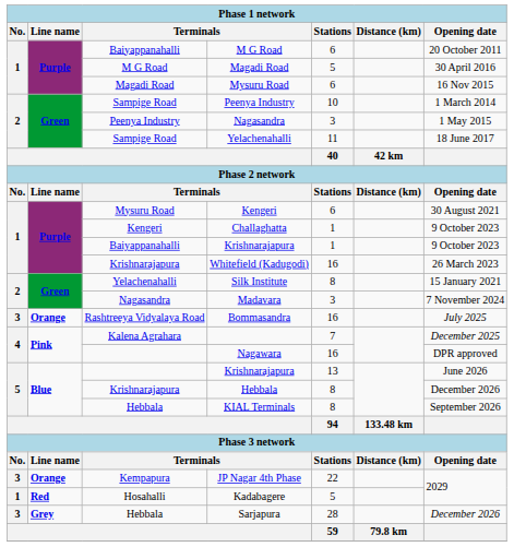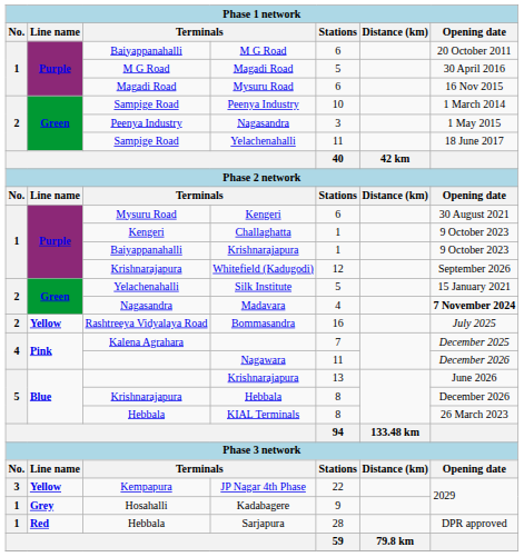 <table class="wikitable sortable" style="font-size:85%;margin:auto">
 <tr>
 <th colspan="7" style="background:#ADD8E6;">Phase 1 network</th>
 </tr>
 <tr>
 <th>No.</th>
 <th>Line name</th>
 <th colspan="2">Terminals</th>
 <th>Stations</th>
 <th>Distance (km)</th>
 <th>Opening date</th>
 </tr>
 <tr>
 <th rowspan="3">1</th>
 <td rowspan="3" style="background:#8c2877; text-align: center;"><a href='#'><span><strong>Purple</strong></span></a></td>
 <td style="text-align:center;"><a href='#'>Baiyappanahalli</a></td>
 <td style="text-align:center;"><a href='#'>M G Road</a></td>
 <td style="text-align: center;">6</td>
 <td style="text-align: center;"></td>
 <td style="text-align:center;">20 October 2011</td>
 </tr>
 <tr>
 <td style="text-align:center;"><a href='#'>M G Road</a></td>
 <td style="text-align:center;"><a href='#'>Magadi Road</a></td>
 <td style="text-align: center;">5</td>
 <td style="text-align: center;"></td>
 <td style="text-align:center;">30 April 2016</td>
 </tr>
 <tr>
 <td style="text-align:center;"><a href='#'>Magadi Road</a></td>
 <td style="text-align:center;"><a href='#'>Mysuru Road</a></td>
 <td style="text-align: center;">6</td>
 <td style="text-align: center;"></td>
 <td style="text-align:center;">16 Nov 2015</td>
 </tr>
 <tr>
 <th rowspan="3">2</th>
 <td rowspan="3" style="background:#009933; text-align: center;"><a href='#'><span><strong>Green</strong></span></a></td>
 <td style="text-align:center;"><a href='#'>Sampige Road</a></td>
 <td style="text-align:center;"><a href='#'>Peenya Industry</a></td>
 <td style="text-align: center;">10</td>
 <td style="text-align: center;"></td>
 <td style="text-align:center;">1 March 2014</td>
 </tr>
 <tr>
 <td style="text-align:center;"><a href='#'>Peenya Industry</a></td>
 <td style="text-align:center;"><a href='#'>Nagasandra</a></td>
 <td style="text-align: center;">3</td>
 <td style="text-align: center;"></td>
 <td style="text-align:center;">1 May 2015</td>
 </tr>
 <tr>
 <td style="text-align:center;"><a href='#'>Sampige Road</a></td>
 <td style="text-align:center;"><a href='#'>Yelachenahalli</a></td>
 <td style="text-align: center;">11</td>
 <td style="text-align: center;"></td>
 <td style="text-align:center;">18 June 2017</td>
 </tr>
 <tr>
 <th colspan="4"></th>
 <th>40</th>
 <th>42 km</th>
 <th></th>
 </tr>
 <tr>
 <th colspan="7" style="background:#ADD8E6;">Phase 2 network</th>
 </tr>
 <tr>
 <th>No.</th>
 <th>Line name</th>
 <th colspan="2">Terminals</th>
 <th>Stations</th>
 <th>Distance (km)</th>
 <th>Opening date</th>
 </tr>
 <tr>
 <th rowspan="4">1</th>
 <td rowspan="4" style="background:#8c2877; text-align: center;"><a href='#'><span><strong>Purple</strong></span></a></td>
 <td style="text-align:center;"><a href='#'>Mysuru Road</a></td>
 <td style="text-align:center;"><a href='#'>Kengeri</a></td>
 <td style="text-align: center;">6</td>
 <td style="text-align: center;"></td>
 <td style="text-align:center;">30 August 2021</td>
 </tr>
 <tr>
 <td style="text-align:center;"><a href='#'>Kengeri</a></td>
 <td style="text-align:center;"><a href='#'>Challaghatta</a></td>
 <td style="text-align: center;">1</td>
 <td style="text-align: center;"></td>
 <td style="text-align:center;">9 October 2023</td>
 </tr>
 <tr>
 <td style="text-align: center;"><a href='#'>Baiyappanahalli</a></td>
 <td style="text-align: center;"><a href='#'>Krishnarajapura</a></td>
 <td style="text-align: center;">1</td>
 <td style="text-align: center;"></td>
 <td style="text-align:center;">9 October 2023</td>
 </tr>
 <tr>
 <td style="text-align: center;"><a href='#'>Krishnarajapura</a></td>
 <td style="text-align: center;"><a href='#'>Whitefield (Kadugodi)</a></td>
-<td style="text-align: center;">16</td>
+<td style="text-align: center;">12</td>
 <td style="text-align: center;"></td>
-<td style="text-align:center;">26 March 2023</td>
+<td style="text-align: center;">September 2026</td>
 </tr>
 <tr>
 <th rowspan="2">2</th>
 <td rowspan="2" style="background:#009933; text-align: center;"><a href='#'><span><strong>Green</strong></span></a></td>
 <td style="text-align: center;"><a href='#'>Yelachenahalli</a></td>
 <td style="text-align: center;"><a href='#'>Silk Institute</a></td>
-<td style="text-align: center;">8</td>
+<td style="text-align: center;">5</td>
 <td style="text-align: center;"></td>
 <td style="text-align:center;">15 January 2021</td>
 </tr>
 <tr>
 <td style="text-align: center;"><a href='#'>Nagasandra</a></td>
 <td style="text-align: center;"><a href='#'>Madavara</a></td>
-<td style="text-align: center;">3</td>
+<td style="text-align: center;">4</td>
 <td style="text-align: center;"></td>
-<td style="text-align:center;">7 November 2024</td>
+<td style="text-align:center;"><strong>7 November 2024</strong></td>
 </tr>
 <tr>
-<th>3</th>
-<td rowspan="1" style="background:#"><a href='#'><span><strong>Orange</strong></span></a></td>
+<th>2</th>
+<td rowspan="1" style="background:#"><a href='#'><span><strong>Yellow</strong></span></a></td>
 <td style="text-align: center;"><a href='#'>Rashtreeya Vidyalaya Road</a></td>
 <td style="text-align: center;"><a href='#'>Bommasandra</a></td>
 <td style="text-align: center;">16</td>
 <td style="text-align: center;"></td>
 <td style="text-align:center;"><em>July 2025</em></td>
 </tr>
 <tr>
 <th rowspan="2">4</th>
 <td rowspan="2" style="background:#"><a href='#'><span><strong>Pink</strong></span></a></td>
 <td style="text-align: center;"><a href='#'>Kalena Agrahara</a></td>
 <td style="text-align: center;"></td>
 <td style="text-align: center;">7</td>
 <td style="text-align: center;" rowspan="2"></td>
 <td style="text-align:center;"><em>December 2025</em></td>
 </tr>
 <tr>
 <td style="text-align: center;"></td>
 <td style="text-align: center;"><a href='#'>Nagawara</a></td>
-<td style="text-align: center;">16</td>
-<td style="text-align: center;">DPR approved</td>
+<td style="text-align: center;">11</td>
+<td style="text-align:center;"><em>December 2026</em></td>
 </tr>
 <tr>
 <th rowspan="3">5</th>
 <td rowspan="3" style="background:#"><a href='#'><span><strong>Blue</strong></span></a></td>
 <td style="text-align: center;"></td>
 <td style="text-align: center;"><a href='#'>Krishnarajapura</a></td>
 <td style="text-align: center;">13</td>
 <td rowspan="3" style="text-align: center;"></td>
 <td style="text-align:center;">June 2026</td>
 </tr>
 <tr>
 <td style="text-align: center;"><a href='#'>Krishnarajapura</a></td>
 <td style="text-align: center;"><a href='#'>Hebbala</a></td>
 <td style="text-align: center;">8</td>
 <td style="text-align: center;">December 2026</td>
 </tr>
 <tr>
 <td style="text-align: center;"><a href='#'>Hebbala</a></td>
 <td style="text-align: center;"><a href='#'>KIAL Terminals</a></td>
 <td style="text-align: center;">8</td>
-<td style="text-align: center;">September 2026</td>
+<td style="text-align:center;">26 March 2023</td>
 </tr>
 <tr>
 <th colspan="4"></th>
 <th>94</th>
 <th>133.48 km</th>
 <th></th>
 </tr>
 <tr>
 <th colspan="7" style="background:#ADD8E6;">Phase 3 network</th>
 </tr>
 <tr>
 <th>No.</th>
 <th>Line name</th>
 <th colspan="2">Terminals</th>
 <th>Stations</th>
 <th>Distance (km)</th>
 <th>Opening date</th>
 </tr>
 <tr>
 <th>3</th>
-<td rowspan="1" style="background:#"><a href='#'><span><strong>Orange</strong></span></a></td>
+<td rowspan="1" style="background:#"><a href='#'><span><strong>Yellow</strong></span></a></td>
 <td style="text-align: center;"><a href='#'>Kempapura</a></td>
 <td style="text-align: center;"><a href='#'>JP Nagar 4th Phase</a></td>
 <td style="text-align: center;">22</td>
 <td style="text-align: center;"></td>
 <td rowspan="2">2029</td>
 </tr>
 <tr>
 <th>1</th>
-<td rowspan="1" style="background:#"><a href='#'><span><strong>Red</strong></span></a></td>
+<td rowspan="1" style="background:#"><a href='#'><span><strong>Grey</strong></span></a></td>
 <td style="text-align: center;">Hosahalli</td>
 <td style="text-align: center;">Kadabagere</td>
-<td style="text-align: center;">5</td>
+<td style="text-align: center;">9</td>
 <td style="text-align: center;"></td>
 </tr>
 <tr>
-<th>3</th>
-<td rowspan="1" style="background:#"><a href='#'><span><strong>Grey</strong></span></a></td>
+<th>1</th>
+<td rowspan="1" style="background:#"><a href='#'><span><strong>Red</strong></span></a></td>
 <td style="text-align: center;">Hebbala</td>
 <td style="text-align: center;">Sarjapura</td>
 <td style="text-align: center;">28</td>
 <td style="text-align: center;"></td>
-<td style="text-align:center;"><em>December 2026</em></td>
+<td style="text-align: center;">DPR approved</td>
 </tr>
 <tr>
 <th colspan="4"></th>
 <th>59</th>
 <th>79.8 km</th>
 <th></th>
 </tr>
 <tr>
 </tr>
 </table>
